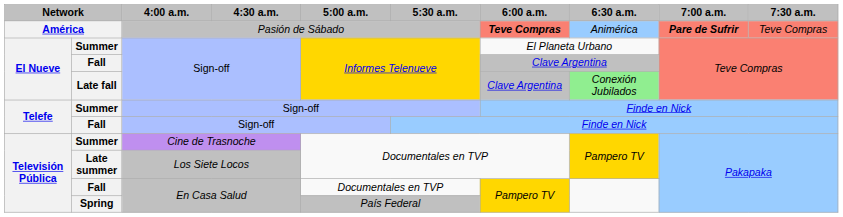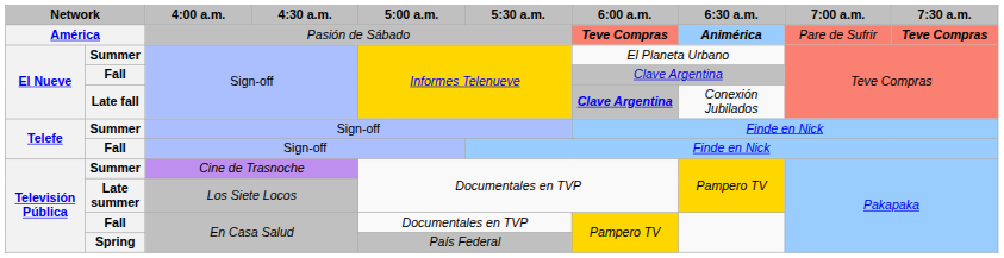 <table class="wikitable" style="width:100%;margin-right:0;text-align:center">
 <tr>
 <th colspan="2" style="background-color:#C0C0C0;width:13%;">Network</th>
 <th style="background-color:#C0C0C0;text-align:center;width:10%;">4:00 a.m.</th>
 <th style="background-color:#C0C0C0;text-align:center;width:10%;">4:30 a.m.</th>
 <th style="background-color:#C0C0C0;text-align:center;width:10%;">5:00 a.m.</th>
 <th style="background-color:#C0C0C0;text-align:center;width:10%;">5:30 a.m.</th>
 <th style="background-color:#C0C0C0;text-align:center;width:10%;">6:00 a.m.</th>
 <th style="background-color:#C0C0C0;text-align:center;width:10%;">6:30 a.m.</th>
 <th style="background-color:#C0C0C0;text-align:center;width:10%;">7:00 a.m.</th>
 <th style="background-color:#C0C0C0;text-align:center;width:10%;">7:30 a.m.</th>
 </tr>
 <tr>
 <th colspan="2"><a href='#'>América</a></th>
 <td style="background:#C0C0C0;" colspan="4"><em>Pasión de Sábado</em>  </td>
 <td style="background:#FA8072;"><strong><em>Teve Compras</em></strong></td>
-<td style="background:#99ccff;"><em>Animérica</em></td>
-<td style="background:#FA8072;"><strong><em>Pare de Sufrir</em></strong></td>
-<td style="background:#FA8072;"><em>Teve Compras</em></td>
+<td style="background:#99ccff;"><strong><em>Animérica</em></strong></td>
+<td style="background:#FA8072;"><em>Pare de Sufrir</em></td>
+<td style="background:#FA8072;"><strong><em>Teve Compras</em></strong></td>
 </tr>
 <tr>
 <th rowspan="3"><a href='#'>El Nueve</a></th>
 <th>Summer</th>
 <td style="background:#abbfff;" colspan="2" rowspan="3">Sign-off</td>
 <td style="background:#ffd700;" colspan="2" rowspan="3"><em><a href='#'>Informes Telenueve</a></em></td>
 <td colspan="2"><em>El Planeta Urbano</em></td>
 <td style="background:#FA8072;" colspan="2" rowspan="3"><em>Teve Compras</em><br></td>
 </tr>
 <tr>
 <th>Fall</th>
 <td style="background:#C0C0C0;" colspan="2"><em><a href='#'>Clave Argentina</a></em> </td>
 </tr>
 <tr>
 <th>Late fall</th>
-<td style="background:#C0C0C0;"><em><a href='#'>Clave Argentina</a></em> </td>
-<td style="background: lightgreen;"><em>Conexión Jubilados</em></td>
+<td style="background:#C0C0C0;"><strong><em><a href='#'>Clave Argentina</a></em> </strong></td>
+<td><em>Conexión Jubilados</em></td>
 </tr>
 <tr>
 <th rowspan="2"><a href='#'>Telefe</a></th>
 <th>Summer</th>
 <td style="background:#abbfff;" colspan="4">Sign-off</td>
 <td style="background:#99ccff;" colspan="4"><em><a href='#'>Finde en Nick</a></em> </td>
 </tr>
 <tr>
 <th>Fall</th>
 <td style="background:#abbfff;" colspan="3">Sign-off</td>
 <td style="background:#99ccff;" colspan="5"><em><a href='#'>Finde en Nick</a></em></td>
 </tr>
 <tr>
 <th rowspan="4"><a href='#'>Televisión Pública</a></th>
 <th>Summer</th>
 <td style="background:#bf8fef;" colspan="2"><em>Cine de Trasnoche</em> </td>
 <td colspan="3" rowspan="2"><em>Documentales en TVP</em></td>
 <td style="background:#ffd700;" rowspan="2"><em>Pampero TV</em></td>
 <td style="background:#99ccff;" colspan="2" rowspan="4"><em><a href='#'>Pakapaka</a></em></td>
 </tr>
 <tr>
 <th>Late summer</th>
 <td style="background:#C0C0C0;" colspan="2"><em>Los Siete Locos</em> </td>
 </tr>
 <tr>
 <th>Fall</th>
 <td style="background:#C0C0C0;" colspan="2" rowspan="2"><em>En Casa Salud</em> </td>
 <td colspan="2"><em>Documentales en TVP</em></td>
 <td style="background:#ffd700;" rowspan="2"><em>Pampero TV</em></td>
 <td rowspan="2"></td>
 </tr>
 <tr>
 <th>Spring</th>
 <td style="background:#C0C0C0;" colspan="2"><em>País Federal</em> </td>
 </tr>
 </table>
